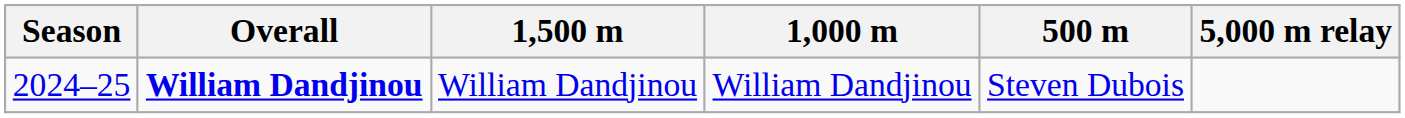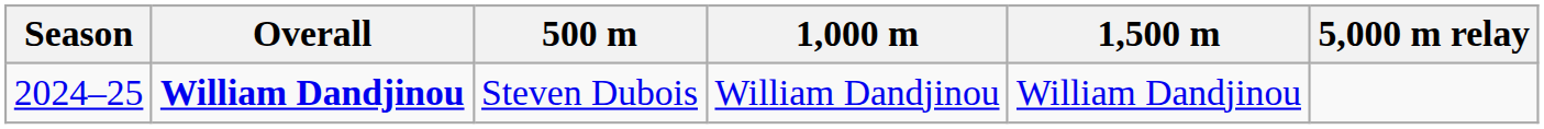 <table class='wikitable'>
 <tr>
 <th>Season</th>
 <th>Overall</th>
+<th>500 m</th>
+<th>1,000 m</th>
 <th>1,500 m</th>
-<th>1,000 m</th>
-<th>500 m</th>
 <th>5,000 m relay</th>
 </tr>
 <tr>
 <td><a href='#'>2024–25</a></td>
 <td> <strong><a href='#'>William Dandjinou</a></strong></td>
+<td> <a href='#'>Steven Dubois</a></td>
 <td> <a href='#'>William Dandjinou</a></td>
 <td> <a href='#'>William Dandjinou</a></td>
-<td> <a href='#'>Steven Dubois</a></td>
 <td></td>
 </tr>
 </table>
